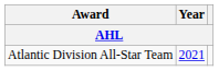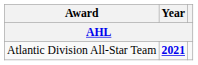 <table class="wikitable">
 <tr>
 <th>Award</th>
 <th>Year</th>
 <th></th>
 </tr>
 <tr>
 <th colspan="3"><a href='#'>AHL</a></th>
 </tr>
 <tr>
 <td>Atlantic Division All-Star Team</td>
-<td><a href='#'>2021</a></td>
+<td><strong><a href='#'>2021</a></strong></td>
 <td></td>
 </tr>
 </table>
